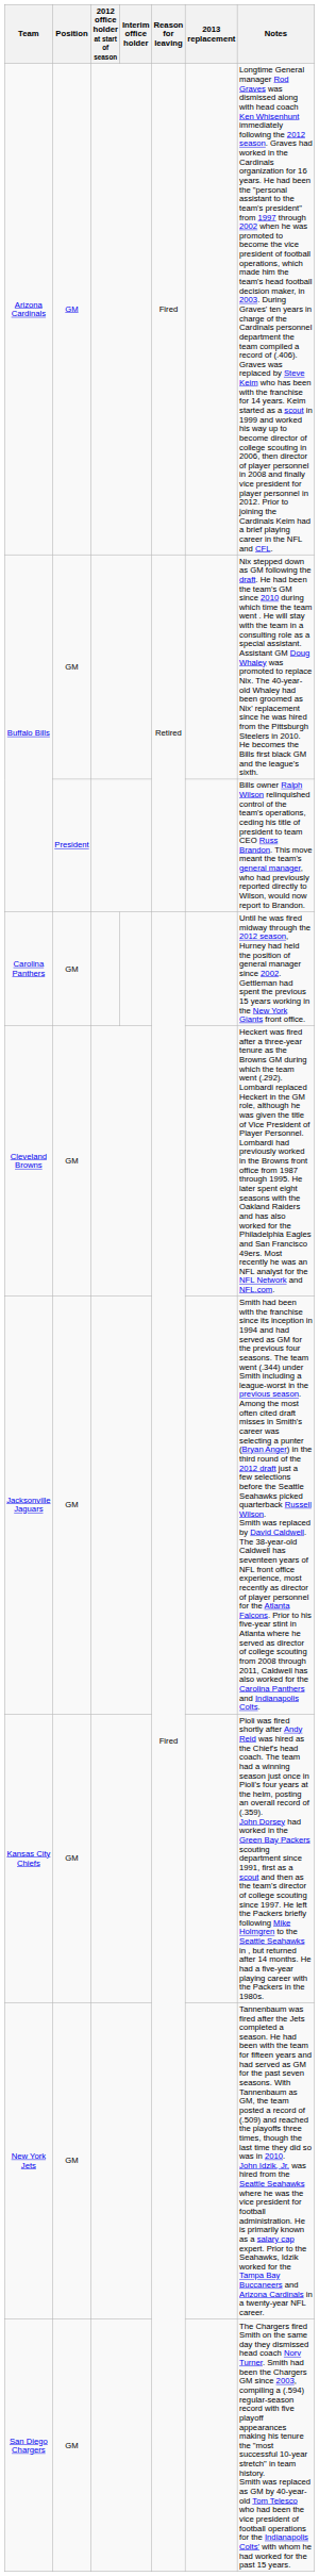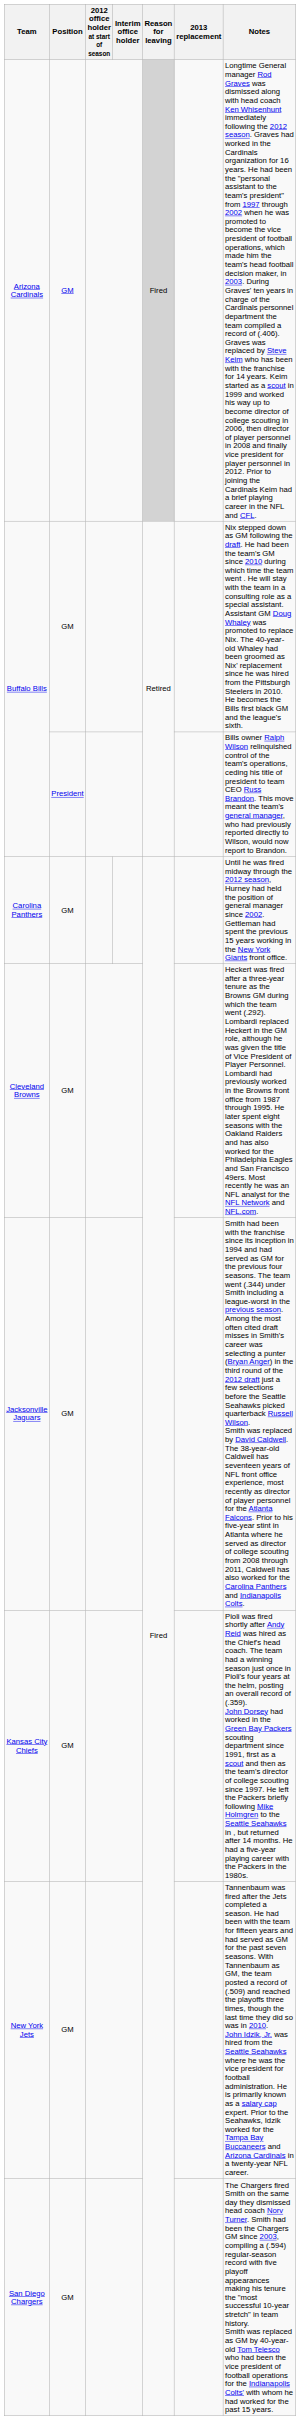 <table class="wikitable sortable plainrowheaders">
 <tr>
 <th>Team</th>
 <th>Position</th>
 <th>2012 office holder<br><small>at start of season</small></th>
 <th>Interim office holder</th>
 <th>Reason for leaving</th>
 <th>2013 replacement</th>
 <th class="unsortable">Notes</th>
 </tr>
 <tr>
 <td style="text-align:center;"><a href='#'>Arizona Cardinals</a></td>
 <td style="text-align:center;"><a href='#'>GM</a></td>
 <td style="text-align:center; "colspan="2"></td>
-<td style="text-align:center;">Fired</td>
+<td style="background: lightgrey; text-align:center;">Fired</td>
 <td style="text-align:center;"></td>
 <td>Longtime General manager <a href='#'>Rod Graves</a> was dismissed along with head coach <a href='#'>Ken Whisenhunt</a> immediately following the <a href='#'>2012 season</a>. Graves had worked in the Cardinals organization for 16 years. He had been the "personal assistant to the team's president" from <a href='#'>1997</a> through <a href='#'>2002</a> when he was promoted to become the vice president of football operations, which made him the team's head football decision maker, in <a href='#'>2003</a>. During Graves' ten years in charge of the Cardinals personnel department the team compiled a record of  (.406).<br>Graves was replaced by <a href='#'>Steve Keim</a> who has been with the franchise for 14 years. Keim started as a <a href='#'>scout</a> in 1999 and worked his way up to become director of college scouting in 2006, then director of player personnel in 2008 and finally vice president for player personnel in 2012. Prior to joining the Cardinals Keim had a brief playing career in the NFL and <a href='#'>CFL</a>.</td>
 </tr>
 <tr>
 <td rowspan="2" style="text-align:center;"><a href='#'>Buffalo Bills</a></td>
 <td style="text-align:center;">GM</td>
 <td style="text-align:center;" colspan="2"></td>
 <td rowspan="2" style="text-align:center;">Retired</td>
 <td style="text-align:center;"></td>
 <td>Nix stepped down as GM following the <a href='#'>draft</a>. He had been the team's GM since <a href='#'>2010</a> during which time the team went . He will stay with the team in a consulting role as a special assistant.<br>Assistant GM <a href='#'>Doug Whaley</a> was promoted to replace Nix. The 40-year-old Whaley had been groomed as Nix' replacement since he was hired from the Pittsburgh Steelers in 2010. He becomes the Bills first black GM and the league's sixth.</td>
 </tr>
 <tr>
 <td style="text-align:center;"><a href='#'>President</a></td>
 <td style="text-align:center;" colspan="2"></td>
 <td style="text-align:center;"></td>
 <td>Bills owner <a href='#'>Ralph Wilson</a> relinquished control of the team's operations, ceding his title of president to team CEO <a href='#'>Russ Brandon</a>. This move meant the team's <a href='#'>general manager</a>, who had previously reported directly to Wilson, would now report to Brandon.</td>
 </tr>
 <tr>
 <td style="text-align:center;"><a href='#'>Carolina Panthers</a></td>
 <td style="text-align:center;">GM</td>
 <td style="text-align:center;"></td>
 <td style="text-align:center;"></td>
 <td rowspan="6" style="text-align:center;">Fired</td>
 <td style="text-align:center;"></td>
 <td>Until he was fired midway through the <a href='#'>2012 season</a>, Hurney had held the position of general manager since <a href='#'>2002</a>.<br>Gettleman had spent the previous 15 years working in the <a href='#'>New York Giants</a> front office.</td>
 </tr>
 <tr>
 <td style="text-align:center;"><a href='#'>Cleveland Browns</a></td>
 <td style="text-align:center;">GM</td>
 <td style="text-align:center;" colspan="2"></td>
 <td style="text-align:center;"></td>
 <td>Heckert was fired after a three-year tenure as the Browns GM during which the team went  (.292).<br>Lombardi replaced Heckert in the GM role, although he was given the title of Vice President of Player Personnel. Lombardi had previously worked in the Browns front office from 1987 through 1995. He later spent eight seasons with the Oakland Raiders and has also worked for the Philadelphia Eagles and San Francisco 49ers. Most recently he was an NFL analyst for the <a href='#'>NFL Network</a> and <a href='#'>NFL.com</a>.</td>
 </tr>
 <tr>
 <td style="text-align:center;"><a href='#'>Jacksonville Jaguars</a></td>
 <td style="text-align:center;">GM</td>
 <td style="text-align:center;" colspan="2"></td>
 <td style="text-align:center;"></td>
 <td>Smith had been with the franchise since its inception in 1994 and had served as GM for the previous four seasons. The team went  (.344) under Smith including a league-worst  in the <a href='#'>previous season</a>. Among the most often cited draft misses in Smith's career was selecting a punter (<a href='#'>Bryan Anger</a>) in the third round of the <a href='#'>2012 draft</a> just a few selections before the Seattle Seahawks picked quarterback <a href='#'>Russell Wilson</a>.<br>Smith was replaced by <a href='#'>David Caldwell</a>. The 38-year-old Caldwell has seventeen years of NFL front office experience, most recently as director of player personnel for the <a href='#'>Atlanta Falcons</a>. Prior to his five-year stint in Atlanta where he served as director of college scouting from 2008 through 2011, Caldwell has also worked for the <a href='#'>Carolina Panthers</a> and <a href='#'>Indianapolis Colts</a>.</td>
 </tr>
 <tr>
 <td style="text-align:center;"><a href='#'>Kansas City Chiefs</a></td>
 <td style="text-align:center;">GM</td>
 <td style="text-align:center;" colspan="2"></td>
 <td style="text-align:center;"></td>
 <td>Pioli was fired shortly after <a href='#'>Andy Reid</a> was hired as the Chief's head coach. The team had a winning season just once in Pioli's four years at the helm, posting an overall record of  (.359).<br><a href='#'>John Dorsey</a> had worked in the <a href='#'>Green Bay Packers</a> scouting department since 1991, first as a <a href='#'>scout</a> and then as the team's director of college scouting since 1997. He left the Packers briefly following <a href='#'>Mike Holmgren</a> to the <a href='#'>Seattle Seahawks</a> in , but returned after 14 months. He had a five-year playing career with the Packers in the 1980s.</td>
 </tr>
 <tr>
 <td style="text-align:center;"><a href='#'>New York Jets</a></td>
 <td style="text-align:center;">GM</td>
 <td style="text-align:center;" colspan="2"></td>
 <td style="text-align:center;"></td>
 <td>Tannenbaum was fired after the Jets completed a  season. He had been with the team for fifteen years and had served as GM for the past seven seasons. With Tannenbaum as GM, the team posted a record of  (.509) and reached the playoffs three times, though the last time they did so was in <a href='#'>2010</a>.<br><a href='#'>John Idzik, Jr.</a> was hired from the <a href='#'>Seattle Seahawks</a> where he was the vice president for football administration. He is primarily known as a <a href='#'>salary cap</a> expert. Prior to the Seahawks, Idzik worked for the <a href='#'>Tampa Bay Buccaneers</a> and <a href='#'>Arizona Cardinals</a> in a twenty-year NFL career.</td>
 </tr>
 <tr>
 <td style="text-align:center;"><a href='#'>San Diego Chargers</a></td>
 <td style="text-align:center;">GM</td>
 <td style="text-align:center;" colspan="2"></td>
 <td style="text-align:center;"></td>
 <td>The Chargers fired Smith on the same day they dismissed head coach <a href='#'>Norv Turner</a>. Smith had been the Chargers GM since <a href='#'>2003</a>, compiling a  (.594) regular-season record with five playoff appearances making his tenure the "most successful 10-year stretch" in team history.<br>Smith was replaced as GM by 40-year-old <a href='#'>Tom Telesco</a> who had been the vice president of football operations for the <a href='#'>Indianapolis Colts'</a> with whom he had worked for the past 15 years.</td>
 </tr>
 </table>
